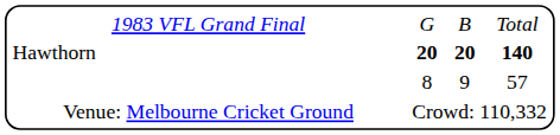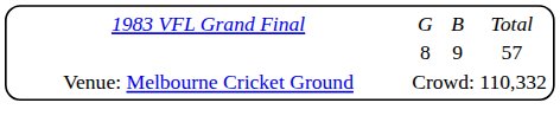 <table style="margin-right:4px; margin-top:8px; float:left; border:1px #000 solid; border-radius:8px; background:#fff; font-family:Verdana; font-size:8pt; text-align:center;">
 <tr>
 <td style="width:200px;"><em><a href='#'>1983 VFL Grand Final</a></em></td>
 <td><em>G</em></td>
 <td><em>B</em></td>
 <td><em>Total</em></td>
-</tr>
-<tr>
-<td style="text-align:left">Hawthorn</td>
-<td><strong>20</strong></td>
-<td><strong>20</strong></td>
-<td><strong>140</strong></td>
 </tr>
 <tr>
 <td style="text-align:left"></td>
 <td>8</td>
 <td>9</td>
 <td>57</td>
 </tr>
 <tr>
 <td>Venue: <a href='#'>Melbourne Cricket Ground</a></td>
 <td colspan="3">Crowd: 110,332</td>
 </tr>
 </table>
